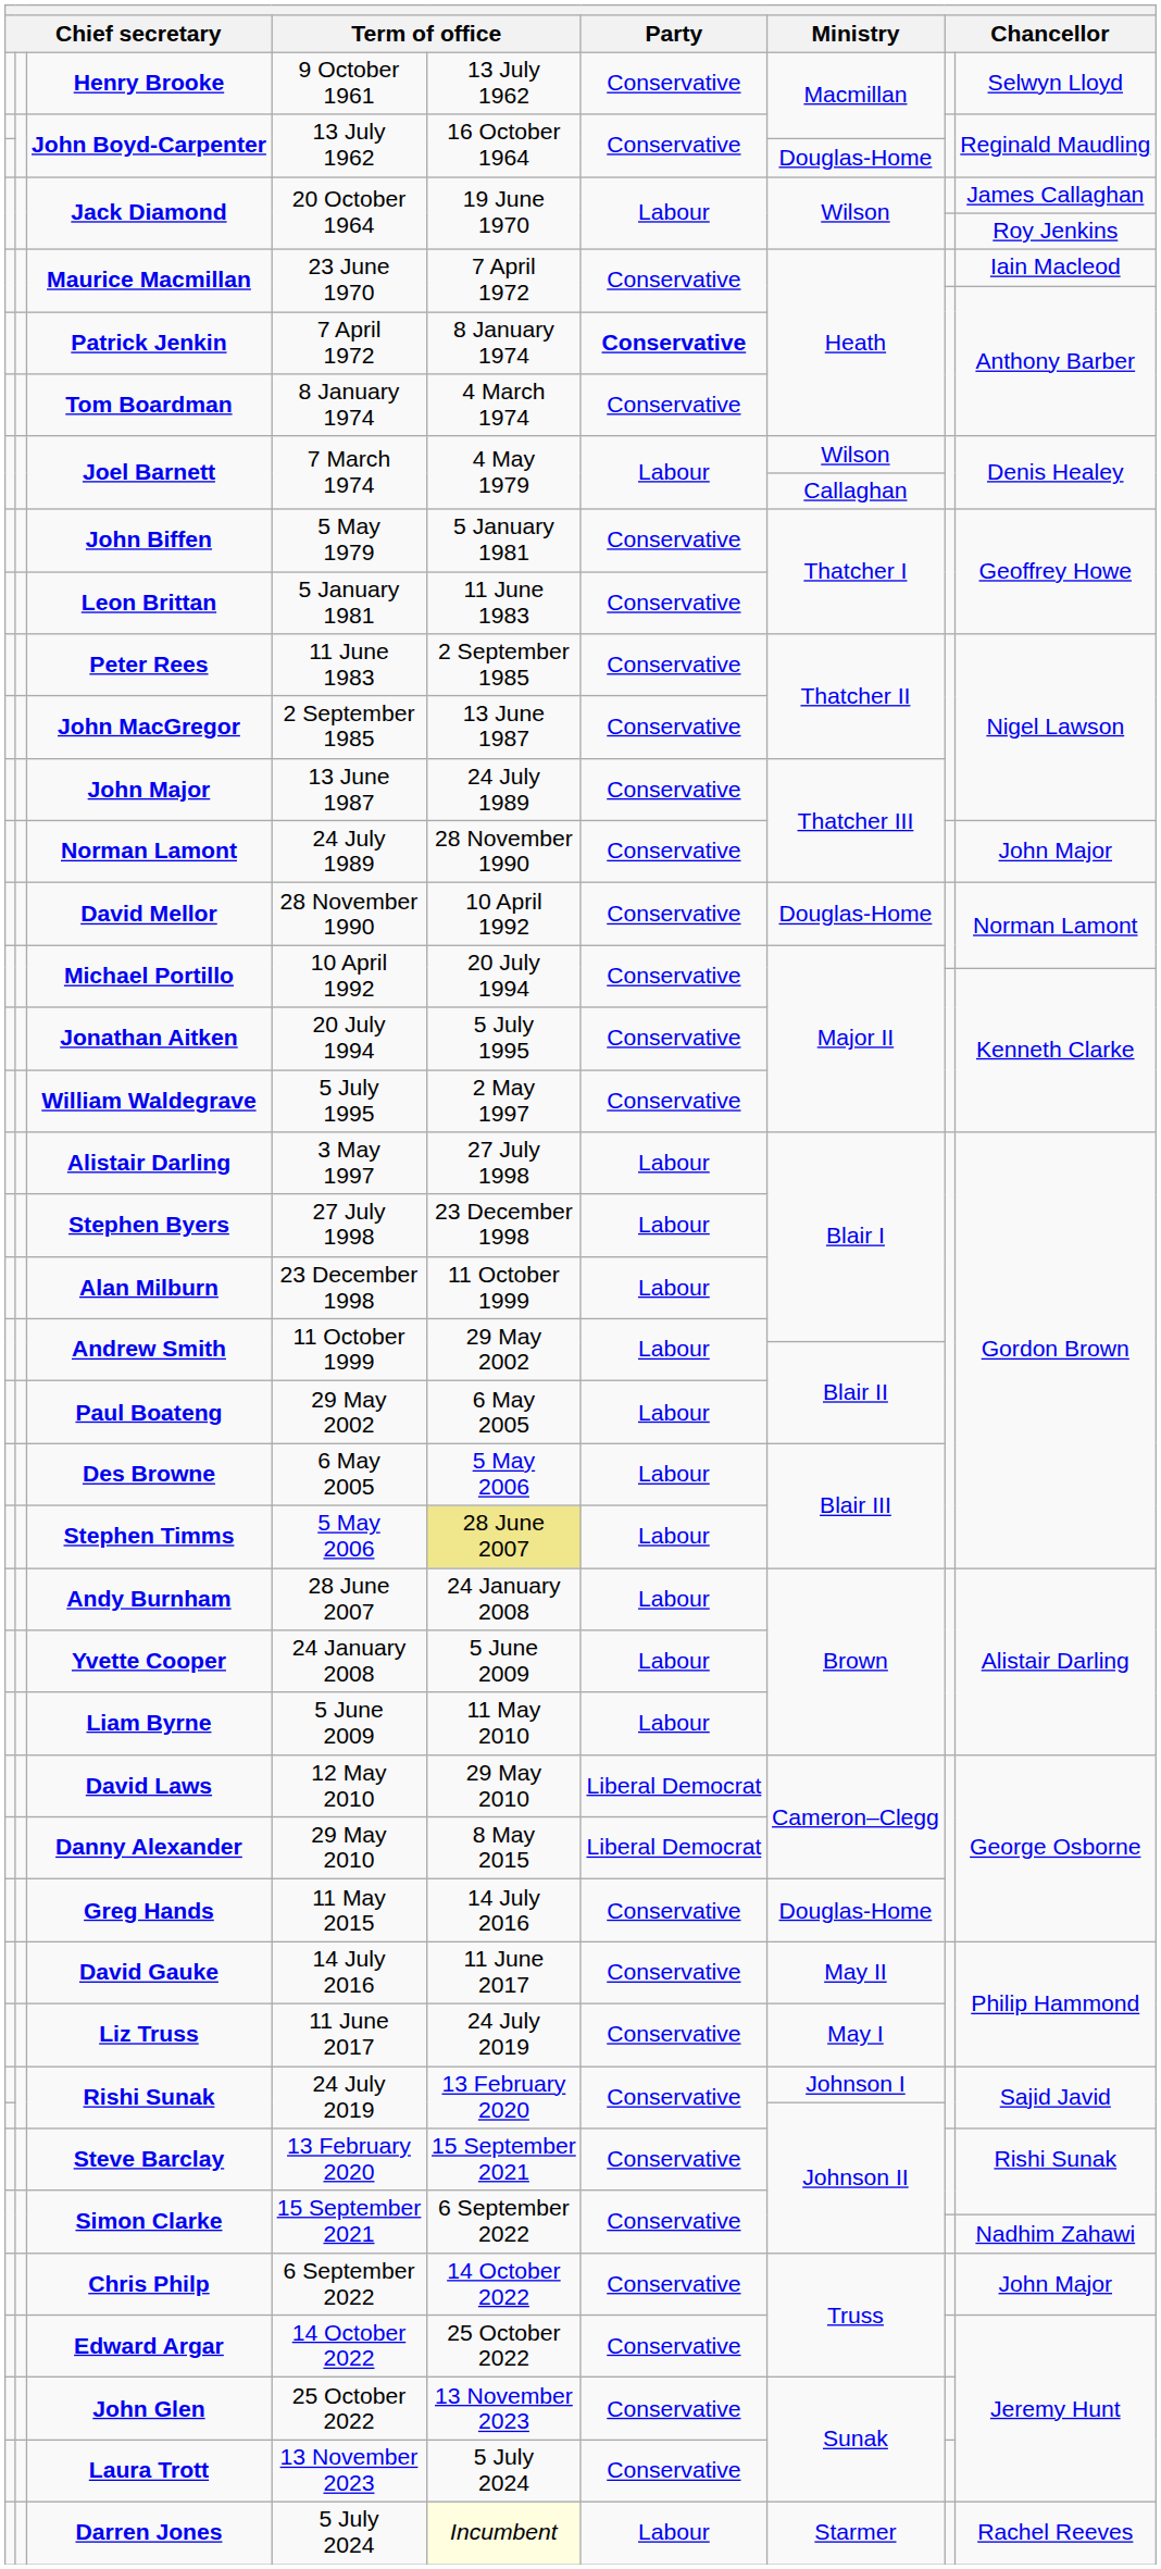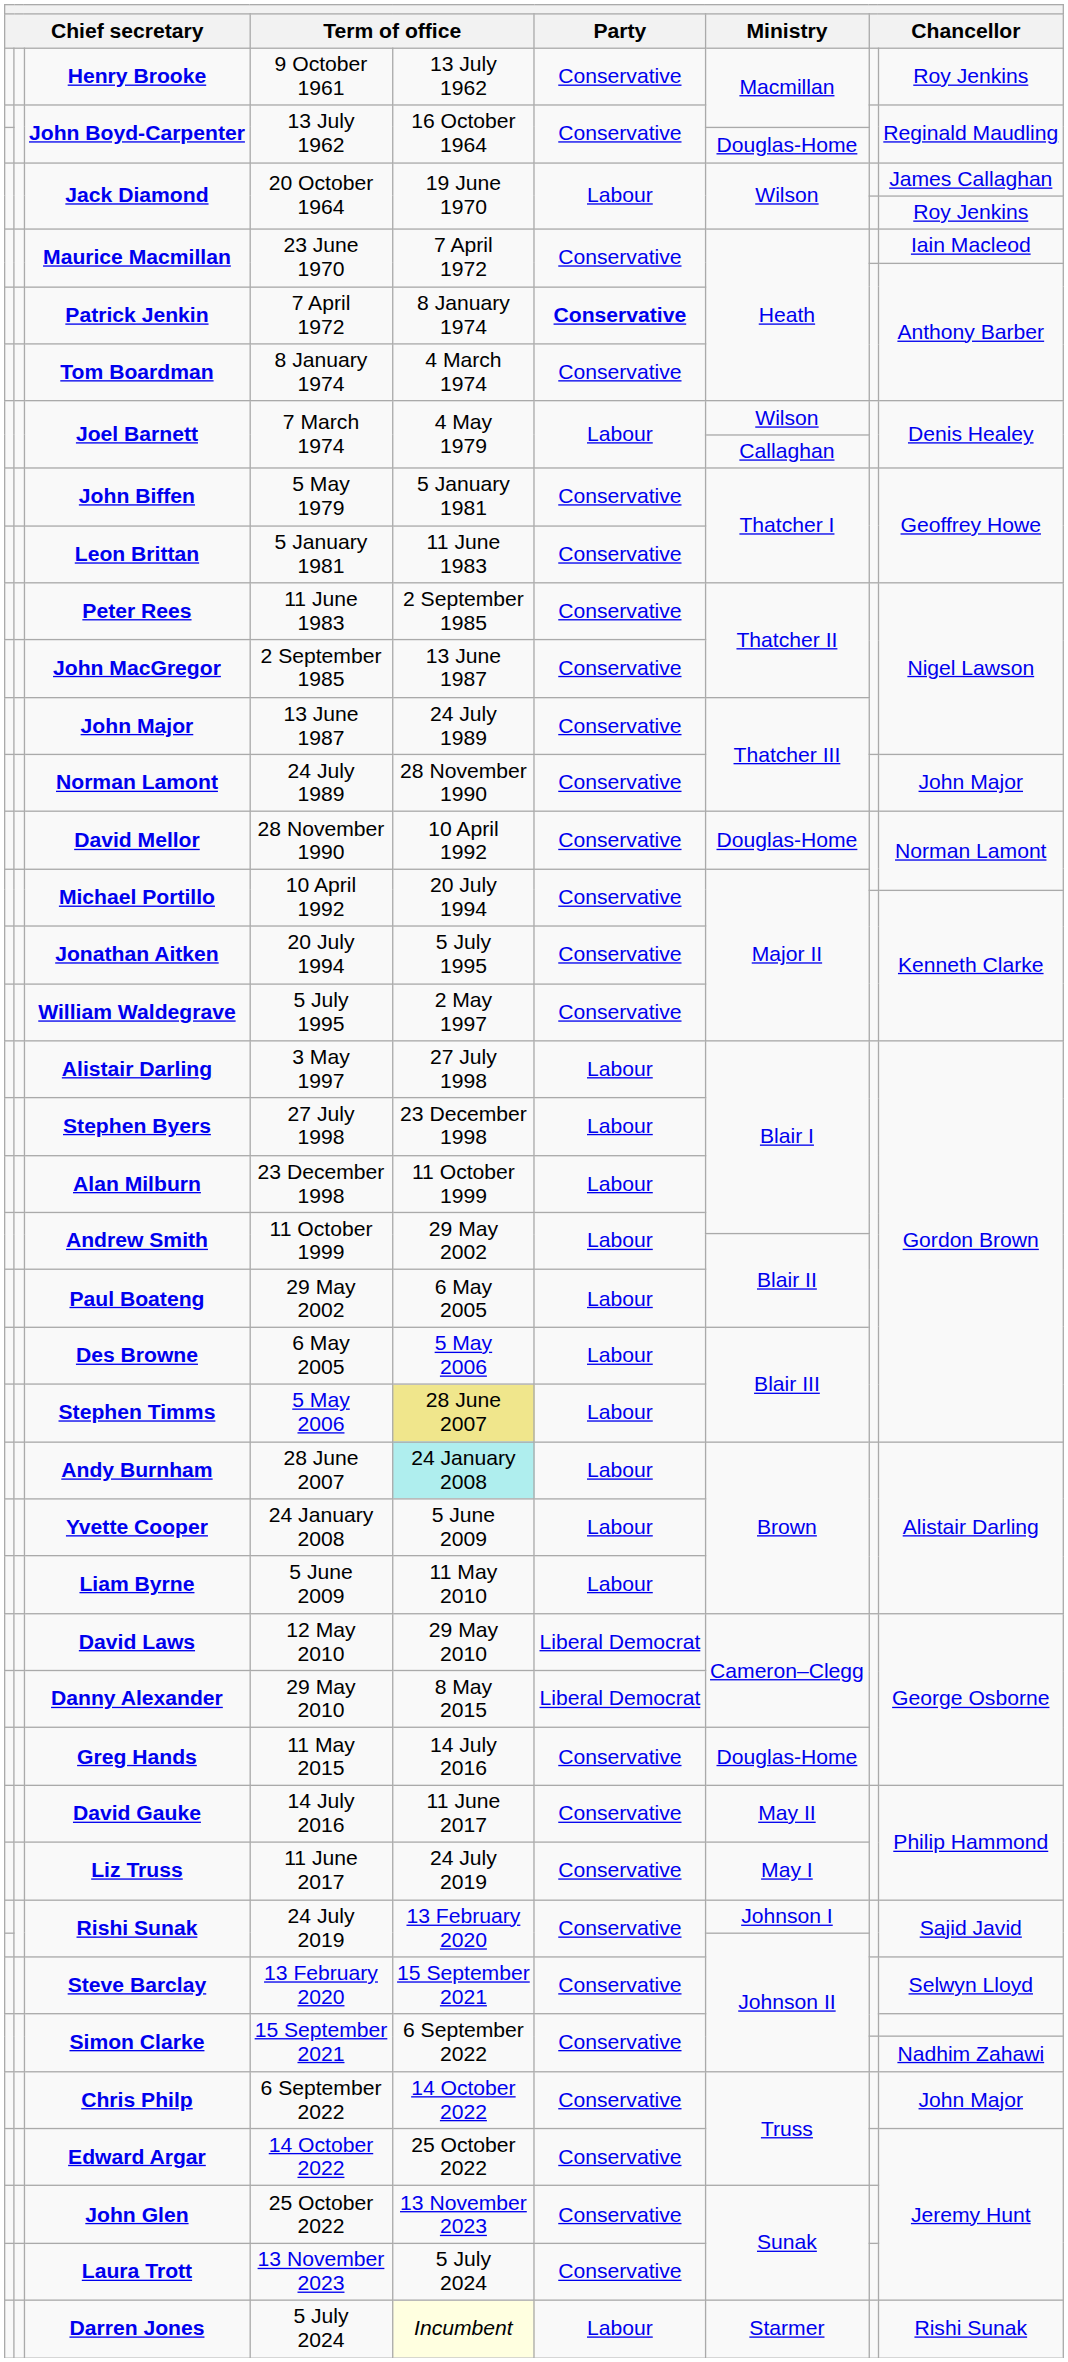 <table class="wikitable" style="text-align:Center">
 <tr>
 <th style="text-align:center" class=nowrap colspan=10></th>
 </tr>
 <tr>
 <th colspan=3>Chief secretary</th>
 <th colspan=2>Term of office</th>
 <th>Party</th>
 <th>Ministry</th>
 <th colspan=2>Chancellor</th>
 </tr>
 <tr style="height:1em">
 <td style="background-color:"></td>
 <td></td>
 <td><strong><a href='#'>Henry Brooke</a></strong><br></td>
 <td>9 October<br>1961</td>
 <td>13 July<br>1962</td>
 <td><a href='#'>Conservative</a></td>
 <td rowspan=2 ><a href='#'>Macmillan<br></a></td>
 <td style="background-color:"></td>
-<td><a href='#'>Selwyn Lloyd</a></td>
+<td><a href='#'>Roy Jenkins</a></td>
 </tr>
 <tr style="height:1em">
 <td style="background-color:"></td>
 <td rowspan=2></td>
 <td rowspan=2><strong><a href='#'>John Boyd-Carpenter</a></strong><br></td>
 <td rowspan=2>13 July<br>1962</td>
 <td rowspan=2>16 October<br>1964</td>
 <td rowspan=2><a href='#'>Conservative</a></td>
 <td rowspan=2 style="background-color:"></td>
 <td rowspan=2><a href='#'>Reginald Maudling</a></td>
 </tr>
 <tr style="height:1em">
 <td style="background-color:"></td>
 <td><a href='#'>Douglas-Home</a></td>
 </tr>
 <tr style="height:1em">
 <td rowspan=2 style="background-color:"></td>
 <td rowspan=2></td>
 <td rowspan=2><strong><a href='#'>Jack Diamond</a></strong><br></td>
 <td rowspan=2>20 October<br>1964</td>
 <td rowspan=2>19 June<br>1970</td>
 <td rowspan=2><a href='#'>Labour</a></td>
 <td rowspan=2 ><a href='#'>Wilson<br></a></td>
 <td style="background-color:"></td>
 <td><a href='#'>James Callaghan</a></td>
 </tr>
 <tr style="height:1em">
 <td style="background-color:"></td>
 <td><a href='#'>Roy Jenkins</a></td>
 </tr>
 <tr style="height:1em">
 <td rowspan=2 style="background-color:"></td>
 <td rowspan=2></td>
 <td rowspan=2><strong><a href='#'>Maurice Macmillan</a></strong><br></td>
 <td rowspan=2>23 June<br>1970</td>
 <td rowspan=2>7 April<br>1972</td>
 <td rowspan=2><a href='#'>Conservative</a></td>
 <td rowspan=4 ><a href='#'>Heath</a></td>
 <td style="background-color:"></td>
 <td><a href='#'>Iain Macleod</a></td>
 </tr>
 <tr style="height:1em">
 <td rowspan=3 style="background-color:"></td>
 <td rowspan=3><a href='#'>Anthony Barber</a></td>
 </tr>
 <tr style="height:1em">
 <td style="background-color:"></td>
 <td></td>
 <td><strong><a href='#'>Patrick Jenkin</a></strong><br></td>
 <td>7 April<br>1972</td>
 <td>8 January<br>1974</td>
 <td><strong><a href='#'>Conservative</a></strong></td>
 </tr>
 <tr style="height:1em">
 <td style="background-color:"></td>
 <td></td>
 <td><strong><a href='#'>Tom Boardman</a></strong><br></td>
 <td>8 January<br>1974</td>
 <td>4 March<br>1974</td>
 <td><a href='#'>Conservative</a></td>
 </tr>
 <tr style="height:1em">
 <td rowspan=2 style="background-color:"></td>
 <td rowspan=2></td>
 <td rowspan=2><strong><a href='#'>Joel Barnett</a></strong><br></td>
 <td rowspan=2>7 March<br>1974</td>
 <td rowspan=2>4 May<br>1979</td>
 <td rowspan=2><a href='#'>Labour</a></td>
 <td><a href='#'>Wilson<br></a></td>
 <td rowspan=2 style="background-color:"></td>
 <td rowspan=2><a href='#'>Denis Healey</a></td>
 </tr>
 <tr>
 <td><a href='#'>Callaghan</a></td>
 </tr>
 <tr style="height:1em">
 <td style="background-color:"></td>
 <td></td>
 <td><strong><a href='#'>John Biffen</a></strong><br></td>
 <td>5 May<br>1979</td>
 <td>5 January<br>1981</td>
 <td><a href='#'>Conservative</a></td>
 <td rowspan=2 ><a href='#'>Thatcher I</a></td>
 <td rowspan=2 style="background-color:"></td>
 <td rowspan=2><a href='#'>Geoffrey Howe</a></td>
 </tr>
 <tr style="height:1em">
 <td style="background-color:"></td>
 <td></td>
 <td><strong><a href='#'>Leon Brittan</a></strong><br></td>
 <td>5 January<br>1981</td>
 <td>11 June<br>1983</td>
 <td><a href='#'>Conservative</a></td>
 </tr>
 <tr style="height:1em">
 <td style="background-color:"></td>
 <td></td>
 <td><strong><a href='#'>Peter Rees</a></strong><br></td>
 <td>11 June<br>1983</td>
 <td>2 September<br>1985</td>
 <td><a href='#'>Conservative</a></td>
 <td rowspan=2 ><a href='#'>Thatcher II</a></td>
 <td rowspan=3 style="background-color:"></td>
 <td rowspan=3><a href='#'>Nigel Lawson</a></td>
 </tr>
 <tr style="height:1em">
 <td style="background-color:"></td>
 <td></td>
 <td><strong><a href='#'>John MacGregor</a></strong><br></td>
 <td>2 September<br>1985</td>
 <td>13 June<br>1987</td>
 <td><a href='#'>Conservative</a></td>
 </tr>
 <tr style="height:1em">
 <td style="background-color:"></td>
 <td></td>
 <td><strong><a href='#'>John Major</a></strong><br></td>
 <td>13 June<br>1987</td>
 <td>24 July<br>1989</td>
 <td><a href='#'>Conservative</a></td>
 <td rowspan=2 ><a href='#'>Thatcher III</a></td>
 </tr>
 <tr style="height:1em">
 <td style="background-color:"></td>
 <td></td>
 <td><strong><a href='#'>Norman Lamont</a></strong><br></td>
 <td>24 July<br>1989</td>
 <td>28 November<br>1990</td>
 <td><a href='#'>Conservative</a></td>
 <td style="background-color:"></td>
 <td><a href='#'>John Major</a></td>
 </tr>
 <tr style="height:1em">
 <td style="background-color:"></td>
 <td></td>
 <td><strong><a href='#'>David Mellor</a></strong><br></td>
 <td>28 November<br>1990</td>
 <td>10 April<br>1992</td>
 <td><a href='#'>Conservative</a></td>
 <td><a href='#'>Douglas-Home</a></td>
 <td rowspan=2 style="background-color:"></td>
 <td rowspan=2><a href='#'>Norman Lamont</a></td>
 </tr>
 <tr style="height:1em">
 <td rowspan=2 style="background-color:"></td>
 <td rowspan=2></td>
 <td rowspan=2><strong><a href='#'>Michael Portillo</a></strong><br></td>
 <td rowspan=2>10 April<br>1992</td>
 <td rowspan=2>20 July<br>1994</td>
 <td rowspan=2><a href='#'>Conservative</a></td>
 <td rowspan=4 ><a href='#'>Major II</a></td>
 </tr>
 <tr style="height:1em">
 <td rowspan=3 style="background-color:"></td>
 <td rowspan=3><a href='#'>Kenneth Clarke</a></td>
 </tr>
 <tr style="height:1em">
 <td style="background-color:"></td>
 <td></td>
 <td><strong><a href='#'>Jonathan Aitken</a></strong><br></td>
 <td>20 July<br>1994</td>
 <td>5 July<br>1995</td>
 <td><a href='#'>Conservative</a></td>
 </tr>
 <tr style="height:1em">
 <td style="background-color:"></td>
 <td></td>
 <td><strong><a href='#'>William Waldegrave</a></strong><br></td>
 <td>5 July<br>1995</td>
 <td>2 May<br>1997</td>
 <td><a href='#'>Conservative</a></td>
 </tr>
 <tr style="height:1em">
 <td style="background-color:"></td>
 <td></td>
 <td><strong><a href='#'>Alistair Darling</a></strong><br></td>
 <td>3 May<br>1997</td>
 <td>27 July<br>1998</td>
 <td><a href='#'>Labour</a></td>
 <td rowspan=4 ><a href='#'>Blair I</a></td>
 <td rowspan=8 style="background-color:"></td>
 <td rowspan=8><a href='#'>Gordon Brown</a></td>
 </tr>
 <tr style="height:1em">
 <td style="background-color:"></td>
 <td></td>
 <td><strong><a href='#'>Stephen Byers</a></strong><br></td>
 <td>27 July<br>1998</td>
 <td>23 December<br>1998</td>
 <td><a href='#'>Labour</a></td>
 </tr>
 <tr style="height:1em">
 <td style="background-color:"></td>
 <td></td>
 <td><strong><a href='#'>Alan Milburn</a></strong><br></td>
 <td>23 December<br>1998</td>
 <td>11 October<br>1999</td>
 <td><a href='#'>Labour</a></td>
 </tr>
 <tr style="height:1em">
 <td rowspan=2 style="background-color:"></td>
 <td rowspan=2></td>
 <td rowspan=2><strong><a href='#'>Andrew Smith</a></strong><br></td>
 <td rowspan=2>11 October<br>1999</td>
 <td rowspan=2>29 May<br>2002</td>
 <td rowspan=2><a href='#'>Labour</a></td>
 </tr>
 <tr>
 <td rowspan=2 ><a href='#'>Blair II</a></td>
 </tr>
 <tr style="height:1em">
 <td style="background-color:"></td>
 <td></td>
 <td><strong><a href='#'>Paul Boateng</a></strong><br></td>
 <td>29 May<br>2002</td>
 <td>6 May<br>2005</td>
 <td><a href='#'>Labour</a></td>
 </tr>
 <tr style="height:1em">
 <td style="background-color:"></td>
 <td></td>
 <td><strong><a href='#'>Des Browne</a></strong><br></td>
 <td>6 May<br>2005</td>
 <td><a href='#'>5 May<br>2006</a></td>
 <td><a href='#'>Labour</a></td>
 <td rowspan=2 ><a href='#'>Blair III</a></td>
 </tr>
 <tr style="height:1em">
 <td style="background-color:"></td>
 <td></td>
 <td><strong><a href='#'>Stephen Timms</a></strong><br></td>
 <td><a href='#'>5 May<br>2006</a></td>
 <td style="background: khaki;">28 June<br>2007</td>
 <td><a href='#'>Labour</a></td>
 </tr>
 <tr style="height:1em">
 <td style="background-color:"></td>
 <td></td>
 <td><strong><a href='#'>Andy Burnham</a></strong><br></td>
 <td>28 June<br>2007</td>
-<td>24 January<br>2008</td>
+<td style="background: paleturquoise;">24 January<br>2008</td>
 <td><a href='#'>Labour</a></td>
 <td rowspan=3 ><a href='#'>Brown</a></td>
 <td rowspan=3 style="background-color:"></td>
 <td rowspan=3><a href='#'>Alistair Darling</a></td>
 </tr>
 <tr style="height:1em">
 <td style="background-color:"></td>
 <td></td>
 <td><strong><a href='#'>Yvette Cooper</a></strong><br></td>
 <td>24 January<br>2008</td>
 <td>5 June<br>2009</td>
 <td><a href='#'>Labour</a></td>
 </tr>
 <tr style="height:1em">
 <td style="background-color:"></td>
 <td></td>
 <td><strong><a href='#'>Liam Byrne</a></strong><br></td>
 <td>5 June<br>2009</td>
 <td>11 May<br>2010</td>
 <td><a href='#'>Labour</a></td>
 </tr>
 <tr style="height:1em">
 <td style="background-color:"></td>
 <td></td>
 <td><strong><a href='#'>David Laws</a></strong><br></td>
 <td>12 May<br>2010</td>
 <td>29 May<br>2010</td>
 <td><a href='#'>Liberal Democrat</a></td>
 <td rowspan=2 ><a href='#'>Cameron–Clegg</a><br></td>
 <td rowspan=3 style="background-color:"></td>
 <td rowspan=3><a href='#'>George Osborne</a></td>
 </tr>
 <tr style="height:1em">
 <td style="background-color:"></td>
 <td></td>
 <td><strong><a href='#'>Danny Alexander</a></strong><br></td>
 <td>29 May<br>2010</td>
 <td>8 May<br>2015</td>
 <td><a href='#'>Liberal Democrat</a></td>
 </tr>
 <tr style="height:1em">
 <td style="background-color:"></td>
 <td></td>
 <td><strong><a href='#'>Greg Hands</a></strong><br></td>
 <td>11 May<br>2015</td>
 <td>14 July<br>2016</td>
 <td><a href='#'>Conservative</a></td>
 <td><a href='#'>Douglas-Home</a></td>
 </tr>
 <tr style="height:1em">
 <td style="background-color:"></td>
 <td></td>
 <td><strong><a href='#'>David Gauke</a></strong><br></td>
 <td>14 July<br>2016</td>
 <td>11 June<br>2017</td>
 <td><a href='#'>Conservative</a></td>
 <td><a href='#'>May II</a></td>
 <td rowspan=2 style="background-color:"></td>
 <td rowspan=2><a href='#'>Philip Hammond</a></td>
 </tr>
 <tr style="height:1em">
 <td style="background-color:"></td>
 <td></td>
 <td><strong><a href='#'>Liz Truss</a></strong><br></td>
 <td>11 June<br>2017</td>
 <td>24 July<br>2019</td>
 <td><a href='#'>Conservative</a></td>
 <td><a href='#'>May I</a></td>
 </tr>
 <tr style="height:1em">
 <td style="background-color:"></td>
 <td rowspan=2></td>
 <td rowspan=2><strong><a href='#'>Rishi Sunak</a></strong><br></td>
 <td rowspan=2>24 July<br>2019</td>
 <td rowspan=2><a href='#'>13 February<br>2020</a></td>
 <td rowspan=2><a href='#'>Conservative</a></td>
 <td><a href='#'>Johnson I</a></td>
 <td rowspan=2 style="background-color:"></td>
 <td rowspan=2><a href='#'>Sajid Javid</a></td>
 </tr>
 <tr style="height:1em">
 <td style="background-color:"></td>
 <td rowspan=4 ><a href='#'>Johnson II</a></td>
 </tr>
 <tr style="height:1em">
 <td style="background-color:"></td>
 <td></td>
 <td><strong><a href='#'>Steve Barclay</a></strong><br></td>
 <td><a href='#'>13 February<br>2020</a></td>
 <td><a href='#'>15 September<br>2021</a></td>
 <td><a href='#'>Conservative</a></td>
 <td rowspan=2 style="background-color:"></td>
-<td style="border-style: solid solid none solid ;"><a href='#'>Rishi Sunak</a></td>
+<td><a href='#'>Selwyn Lloyd</a></td>
 </tr>
 <tr style="height:1em">
 <td rowspan=2 style="background-color:"></td>
 <td rowspan=2></td>
 <td rowspan=2><strong><a href='#'>Simon Clarke</a></strong><br></td>
 <td rowspan=2><a href='#'>15 September<br>2021</a></td>
 <td rowspan=2>6 September<br>2022</td>
 <td rowspan=2><a href='#'>Conservative</a></td>
 <td style="border-style: none solid solid solid ;"></td>
 </tr>
 <tr style="height:1em">
 <td style="background-color:"></td>
 <td><a href='#'>Nadhim Zahawi</a></td>
 </tr>
 <tr style="height:1em">
 <td style="background-color:"></td>
 <td></td>
 <td><strong><a href='#'>Chris Philp</a></strong><br></td>
 <td>6 September<br>2022</td>
 <td><a href='#'>14 October<br>2022</a></td>
 <td><a href='#'>Conservative</a></td>
 <td rowspan=2 ><a href='#'>Truss</a></td>
 <td style="background-color:"></td>
 <td><a href='#'>John Major</a></td>
 </tr>
 <tr style="height:1em">
 <td style="background-color:"></td>
 <td></td>
 <td><strong><a href='#'>Edward Argar</a></strong><br></td>
 <td><a href='#'>14 October<br>2022</a></td>
 <td>25 October<br>2022</td>
 <td><a href='#'>Conservative</a></td>
 <td style="background-color:"></td>
 <td rowspan=3><a href='#'>Jeremy Hunt</a></td>
 </tr>
 <tr style="height:1em">
 <td style="background-color:"></td>
 <td></td>
 <td><strong><a href='#'>John Glen</a></strong><br></td>
 <td>25 October<br>2022</td>
 <td><a href='#'>13 November<br>2023</a></td>
 <td><a href='#'>Conservative</a></td>
 <td rowspan=2 ><a href='#'>Sunak</a></td>
 <td style="background-color:"></td>
 </tr>
 <tr style="height:1em">
 <td style="background-color:"></td>
 <td></td>
 <td><strong><a href='#'>Laura Trott</a></strong><br></td>
 <td><a href='#'>13 November<br>2023</a></td>
 <td>5 July<br>2024</td>
 <td><a href='#'>Conservative</a></td>
 <td style="background-color:"></td>
 </tr>
 <tr style="height:1em">
 <td style="background-color:"></td>
 <td></td>
 <td><strong><a href='#'>Darren Jones</a></strong><br></td>
 <td>5 July<br>2024</td>
 <td style="background: lightyellow;"><em>Incumbent</em></td>
 <td><a href='#'>Labour</a></td>
 <td rowspan=2 ><a href='#'>Starmer</a></td>
 <td style="background-color:"></td>
-<td><a href='#'>Rachel Reeves</a></td>
+<td style="border-style: solid solid none solid ;"><a href='#'>Rishi Sunak</a></td>
 </tr>
 </table>
